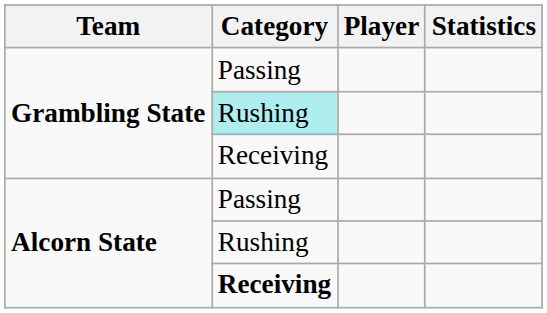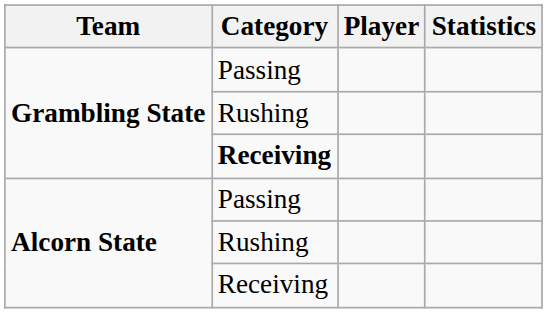 <table class="wikitable" style="float: left;">
 <tr>
 <th>Team</th>
 <th>Category</th>
 <th>Player</th>
 <th>Statistics</th>
 </tr>
 <tr>
 <td rowspan=3><strong>Grambling State</strong></td>
 <td>Passing</td>
 <td> </td>
 <td> </td>
 </tr>
 <tr>
-<td style="background: paleturquoise;">Rushing</td>
+<td>Rushing</td>
 <td> </td>
 <td> </td>
 </tr>
 <tr>
-<td>Receiving</td>
+<td><strong>Receiving</strong></td>
 <td> </td>
 <td> </td>
 </tr>
 <tr>
 <td rowspan=3><strong>Alcorn State</strong></td>
 <td>Passing</td>
 <td> </td>
 <td> </td>
 </tr>
 <tr>
 <td>Rushing</td>
 <td> </td>
 <td> </td>
 </tr>
 <tr>
-<td><strong>Receiving</strong></td>
+<td>Receiving</td>
 <td> </td>
 <td> </td>
 </tr>
 </table>
